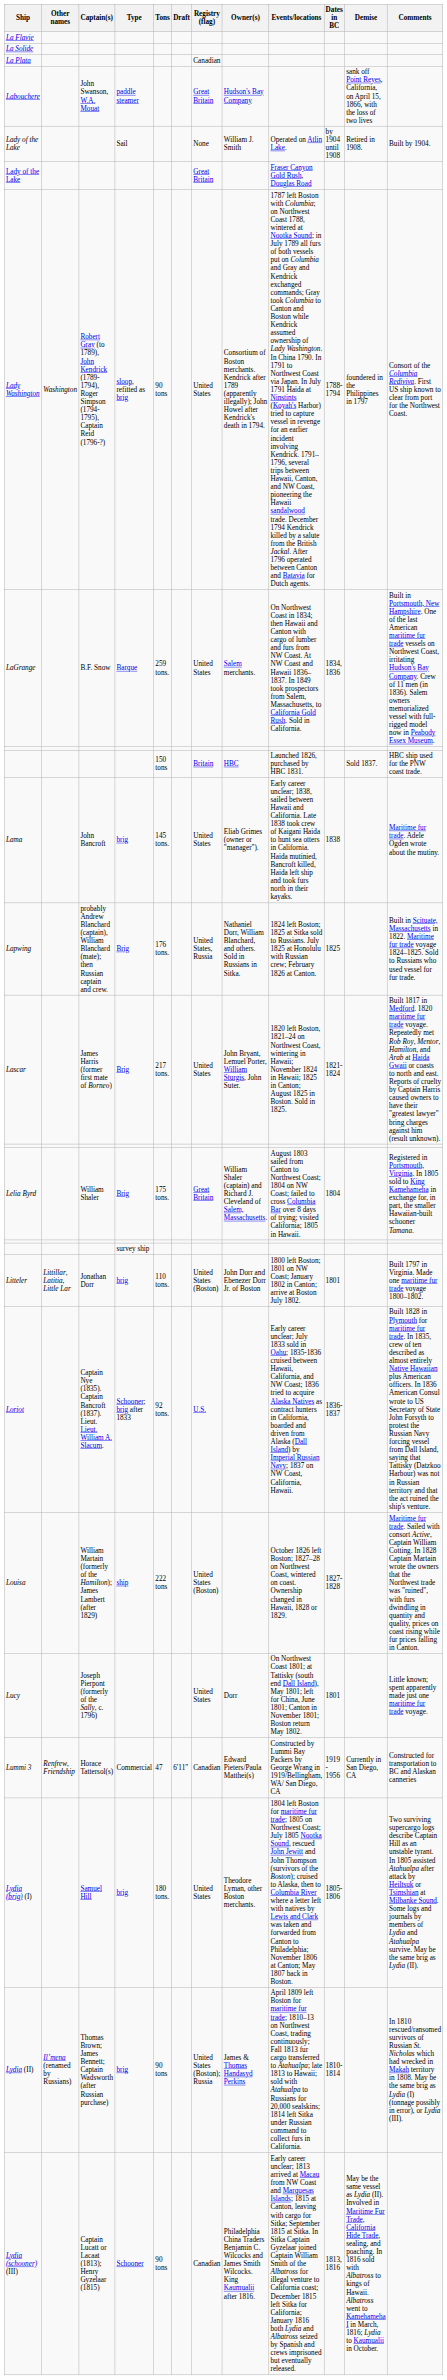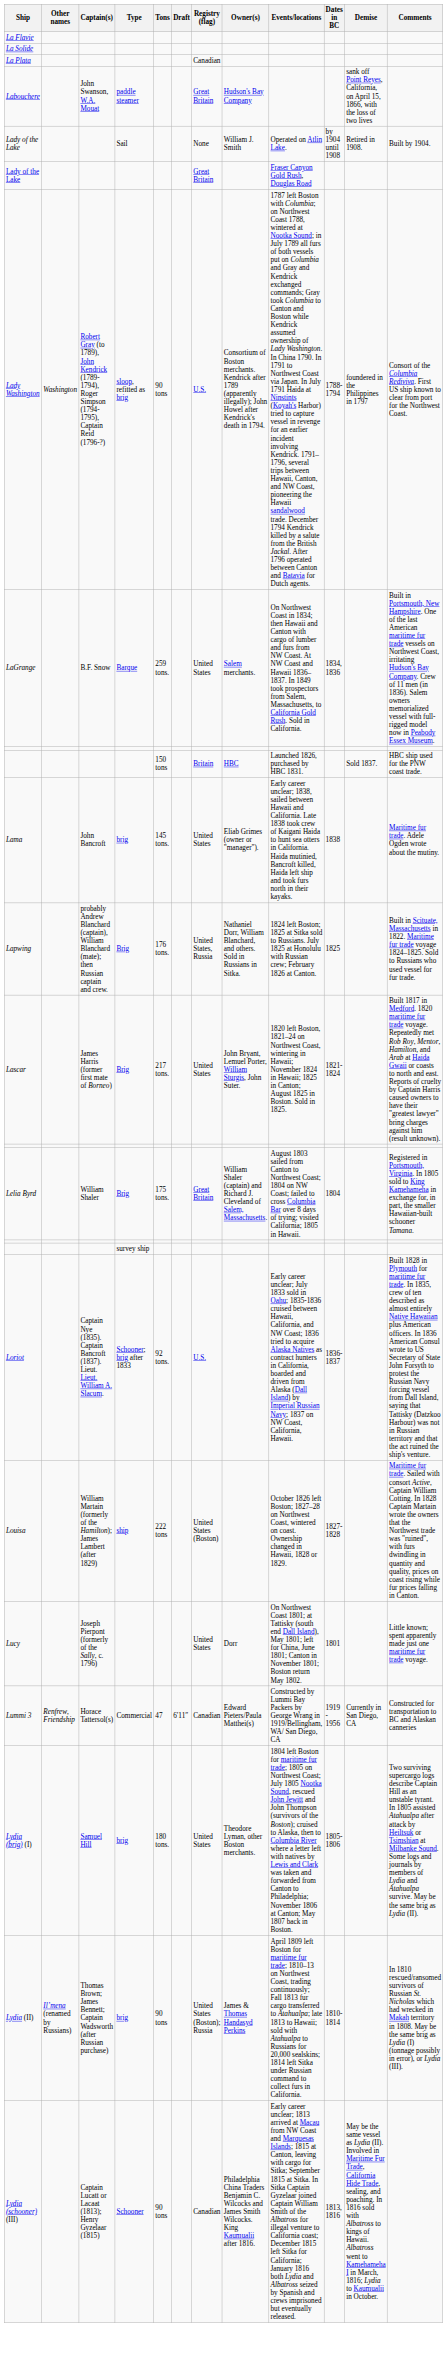 <table class="wikitable sortable" style="width:100%">
 <tr>
 <th>Ship</th>
 <th>Other names</th>
 <th>Captain(s)</th>
 <th>Type</th>
 <th>Tons </th>
 <th>Draft </th>
 <th>Registry (flag)</th>
 <th>Owner(s) </th>
 <th>Events/locations</th>
 <th>Dates in BC</th>
 <th>Demise </th>
 <th>Comments</th>
 </tr>
 <tr>
 <td><em><a href='#'>La Flavie</a></em></td>
 <td></td>
 <td></td>
 <td></td>
 <td></td>
 <td></td>
 <td></td>
 <td></td>
 <td></td>
 <td></td>
 <td></td>
 <td></td>
 </tr>
 <tr>
 <td><em><a href='#'>La Solide</a></em></td>
 <td></td>
 <td></td>
 <td></td>
 <td></td>
 <td></td>
 <td></td>
 <td></td>
 <td></td>
 <td></td>
 <td></td>
 <td></td>
 </tr>
 <tr>
 <td><em><a href='#'>La Plata</a></em></td>
 <td></td>
 <td></td>
 <td></td>
 <td></td>
 <td></td>
 <td>Canadian</td>
 <td></td>
 <td></td>
 <td></td>
 <td></td>
 <td></td>
 </tr>
 <tr>
 <td><em><a href='#'>Labouchere</a></em></td>
 <td></td>
 <td>John Swanson, <a href='#'>W.A. Mouat</a></td>
 <td><a href='#'>paddle steamer</a></td>
 <td></td>
 <td></td>
 <td><a href='#'>Great Britain</a></td>
 <td><a href='#'>Hudson's Bay Company</a></td>
 <td></td>
 <td></td>
 <td>sank off <a href='#'>Point Reyes</a>, California, on April 15, 1866, with the loss of two lives</td>
 <td></td>
 </tr>
 <tr>
 <td><em>Lady of the Lake</em></td>
 <td></td>
 <td></td>
 <td>Sail</td>
 <td></td>
 <td></td>
 <td>None</td>
 <td>William J. Smith</td>
 <td>Operated on <a href='#'>Atlin Lake</a>.</td>
 <td>by 1904 until 1908</td>
 <td>Retired in 1908.</td>
 <td>Built by 1904.</td>
 </tr>
 <tr>
 <td><a href='#'>Lady of the Lake</a></td>
 <td></td>
 <td></td>
 <td></td>
 <td></td>
 <td></td>
 <td><a href='#'>Great Britain</a></td>
 <td></td>
 <td><a href='#'>Fraser Canyon Gold Rush</a>, <a href='#'>Douglas Road</a></td>
 <td></td>
 <td></td>
 <td></td>
 </tr>
 <tr>
 <td><em><a href='#'>Lady Washington</a></em></td>
 <td><em>Washington</em></td>
 <td><a href='#'>Robert Gray</a> (to 1789), <a href='#'>John Kendrick</a> (1789-1794), Roger Simpson (1794-1795), Captain Reid (1796-?)</td>
 <td><a href='#'>sloop</a>, refitted as <a href='#'>brig</a></td>
 <td>90 tons</td>
 <td></td>
-<td>United States</td>
+<td><a href='#'>U.S.</a></td>
 <td>Consortium of Boston merchants. Kendrick after 1789 (apparently illegally); John Howel after Kendrick's death in 1794.</td>
 <td>1787 left Boston with <em>Columbia</em>; on Northwest Coast 1788, wintered at <a href='#'>Nootka Sound</a>; in July 1789 all furs of both vessels put on <em>Columbia</em> and Gray and Kendrick exchanged commands; Gray took <em>Columbia</em> to Canton and Boston while Kendrick assumed ownership of <em>Lady Washington</em>. In China 1790. In 1791 to Northwest Coast via Japan. In July 1791 Haida at <a href='#'>Ninstints</a> (<a href='#'>Koyah's</a> Harbor) tried to capture vessel in revenge for an earlier incident involving Kendrick. 1791–1796, several trips between Hawaii, Canton, and NW Coast, pioneering the Hawaii <a href='#'>sandalwood</a> trade. December 1794 Kendrick killed by a salute from the British <em>Jackal</em>. After 1796 operated between Canton and <a href='#'>Batavia</a> for Dutch agents.</td>
 <td>1788-1794</td>
 <td>foundered in the Philippines in 1797</td>
 <td>Consort of the <em><a href='#'>Columbia Rediviva</a></em>. First US ship known to clear from port for the Northwest Coast.</td>
 </tr>
 <tr>
 <td><em>LaGrange</em></td>
 <td></td>
 <td>B.F. Snow</td>
 <td><a href='#'>Barque</a></td>
 <td>259 tons.</td>
 <td></td>
 <td>United States</td>
 <td><a href='#'>Salem</a> merchants.</td>
 <td>On Northwest Coast in 1834; then Hawaii and Canton with cargo of lumber and furs from NW Coast. At NW Coast and Hawaii 1836–1837. In 1849 took prospectors from Salem, Massachusetts, to <a href='#'>California Gold Rush</a>. Sold in California.</td>
 <td>1834, 1836</td>
 <td></td>
 <td>Built in <a href='#'>Portsmouth, New Hampshire</a>. One of the last American <a href='#'>maritime fur trade</a> vessels on Northwest Coast, irritating <a href='#'>Hudson's Bay Company</a>. Crew of 11 men (in 1836). Salem owners memorialized vessel with full-rigged model now in <a href='#'>Peabody Essex Museum</a>.</td>
 </tr>
 <tr>
 <td></td>
 <td></td>
 <td></td>
 <td></td>
 <td></td>
 <td></td>
 <td></td>
 <td></td>
 <td></td>
 <td></td>
 <td></td>
 <td></td>
 </tr>
 <tr>
 <td></td>
 <td></td>
 <td></td>
 <td></td>
 <td>150 tons</td>
 <td></td>
 <td><a href='#'>Britain</a></td>
 <td><a href='#'>HBC</a></td>
 <td>Launched 1826, purchased by HBC 1831.</td>
 <td></td>
 <td>Sold 1837.</td>
 <td>HBC ship used for the PNW coast trade.</td>
 </tr>
 <tr>
 <td><em>Lama</em></td>
 <td></td>
 <td>John Bancroft</td>
 <td><a href='#'>brig</a></td>
 <td>145 tons.</td>
 <td></td>
 <td>United States</td>
 <td>Eliab Grimes (owner or "manager").</td>
 <td>Early career unclear; 1838, sailed between Hawaii and California. Late 1838 took crew of Kaigani Haida to hunt sea otters in California. Haida mutinied, Bancroft killed, Haida left ship and took furs north in their kayaks.</td>
 <td>1838</td>
 <td></td>
 <td><a href='#'>Maritime fur trade</a>. Adele Ogden wrote about the mutiny.</td>
 </tr>
 <tr>
 <td><em>Lapwing</em></td>
 <td></td>
 <td>probably Andrew Blanchard (captain), William Blanchard (mate); then Russian captain and crew.</td>
 <td><a href='#'>Brig</a></td>
 <td>176 tons.</td>
 <td></td>
 <td>United States, Russia</td>
 <td>Nathaniel Dorr, William Blanchard, and others. Sold in Russians in Sitka.</td>
 <td>1824 left Boston; 1825 at Sitka sold to Russians. July 1825 at Honolulu with Russian crew; February 1826 at Canton.</td>
 <td>1825</td>
 <td></td>
 <td>Built in <a href='#'>Scituate, Massachusetts</a> in 1822. <a href='#'>Maritime fur trade</a> voyage 1824–1825. Sold to Russians who used vessel for fur trade.</td>
 </tr>
 <tr>
 <td><em>Lascar</em></td>
 <td></td>
 <td>James Harris (former first mate of <em>Borneo</em>)</td>
 <td><a href='#'>Brig</a></td>
 <td>217 tons.</td>
 <td></td>
 <td>United States</td>
 <td>John Bryant, Lemuel Porter, <a href='#'>William Sturgis</a>, John Suter.</td>
 <td>1820 left Boston, 1821–24 on Northwest Coast, wintering in Hawaii; November 1824 in Hawaii; 1825 in Canton; August 1825 in Boston. Sold in 1825.</td>
 <td>1821-1824</td>
 <td></td>
 <td>Built 1817 in <a href='#'>Medford</a>. 1820 <a href='#'>maritime fur trade</a> voyage. Repeatedly met <em>Rob Roy</em>, <em>Mentor</em>, <em>Hamilton</em>, and <em>Arab</em> at <a href='#'>Haida Gwaii</a> or coasts to north and east. Reports of cruelty by Captain Harris caused owners to have their "greatest lawyer" bring charges against him (result unknown).</td>
 </tr>
 <tr>
 <td></td>
 <td></td>
 <td></td>
 <td></td>
 <td></td>
 <td></td>
 <td></td>
 <td></td>
 <td></td>
 <td></td>
 <td></td>
 <td></td>
 </tr>
 <tr>
 <td><em>Lelia Byrd</em></td>
 <td></td>
 <td>William Shaler</td>
 <td><a href='#'>Brig</a></td>
 <td>175 tons.</td>
 <td></td>
 <td><a href='#'>Great Britain</a></td>
 <td>William Shaler (captain) and Richard J. Cleveland of <a href='#'>Salem, Massachusetts</a>.</td>
 <td>August 1803 sailed from Canton to Northwest Coast; 1804 on NW Coast; failed to cross <a href='#'>Columbia Bar</a> over 8 days of trying; visited California; 1805 in Hawaii.</td>
 <td>1804</td>
 <td></td>
 <td>Registered in <a href='#'>Portsmouth, Virginia</a>. In 1805 sold to <a href='#'>King Kamehameha</a> in exchange for, in part, the smaller Hawaiian-built schooner <em>Tamana</em>. </td>
 </tr>
 <tr>
 <td></td>
 <td></td>
 <td></td>
 <td></td>
 <td></td>
 <td></td>
 <td></td>
 <td></td>
 <td></td>
 <td></td>
 <td></td>
 <td></td>
 </tr>
 <tr>
 <td></td>
 <td></td>
 <td></td>
 <td>survey ship</td>
 <td></td>
 <td></td>
 <td></td>
 <td></td>
 <td></td>
 <td></td>
 <td></td>
 <td></td>
 </tr>
 <tr>
-<td><em>Litteler</em></td>
-<td><em>Littillar</em>, <em>Latitia</em>, <em>Little Lar</em></td>
-<td>Jonathan Dorr</td>
-<td><a href='#'>brig</a></td>
-<td>110 tons.</td>
-<td></td>
-<td>United States (Boston)</td>
-<td>John Dorr and Ebenezer Dorr Jr. of Boston</td>
-<td>1800 left Boston; 1801 on NW Coast; January 1802 in Canton; arrive at Boston July 1802.</td>
-<td>1801</td>
-<td></td>
-<td>Built 1797 in Virginia. Made one <a href='#'>maritime fur trade</a> voyage 1800–1802. </td>
-</tr>
-<tr>
 <td><em><a href='#'>Loriot</a></em></td>
 <td></td>
 <td>Captain Nye (1835). Captain Bancroft (1837). Lieut. <a href='#'>Lieut. William A. Slacum</a>.</td>
 <td><a href='#'>Schooner</a>; <a href='#'>brig</a> after 1833</td>
 <td>92 tons.</td>
 <td></td>
 <td><a href='#'>U.S.</a></td>
 <td></td>
 <td>Early career unclear; July 1833 sold in <a href='#'>Oahu</a>; 1835-1836 cruised between Hawaii, California, and NW Coast; 1836 tried to acquire <a href='#'>Alaska Natives</a> as contract hunters in California, boarded and driven from Alaska (<a href='#'>Dall Island</a>) by <a href='#'>Imperial Russian Navy</a>; 1837 on NW Coast, California, Hawaii.</td>
 <td>1836-1837</td>
 <td></td>
 <td>Built 1828 in <a href='#'>Plymouth</a> for <a href='#'>maritime fur trade</a>. In 1835, crew of ten described as almost entirely <a href='#'>Native Hawaiian</a> plus American officers. In 1836 American Consul wrote to US Secretary of State John Forsyth to protest the Russian Navy forcing vessel from Dall Island, saying that Tattisky (Datzkoo Harbour) was not in Russian territory and that the act ruined the ship's venture.</td>
 </tr>
 <tr>
 <td><em>Louisa</em></td>
 <td></td>
 <td>William Martain (formerly of the <em>Hamilton</em>); James Lambert (after 1829)</td>
 <td><a href='#'>ship</a></td>
 <td>222 tons</td>
 <td></td>
 <td>United States (Boston)</td>
 <td></td>
 <td>October 1826 left Boston; 1827–28 on Northwest Coast, wintered on coast. Ownership changed in Hawaii, 1828 or 1829.</td>
 <td>1827-1828</td>
 <td></td>
 <td><a href='#'>Maritime fur trade</a>. Sailed with consort <em>Active</em>, Captain William Cotting. In 1828 Captain Martain wrote the owners that the Northwest trade was "ruined", with furs dwindling in quantity and quality, prices on coast rising while fur prices falling in Canton.</td>
 </tr>
 <tr>
 <td><em>Lucy</em></td>
 <td></td>
 <td>Joseph Pierpont (formerly of the <em>Sally</em>, c. 1796)</td>
 <td></td>
 <td></td>
 <td></td>
 <td>United States</td>
 <td>Dorr</td>
 <td>On Northwest Coast 1801; at Tattisky (south end <a href='#'>Dall Island</a>), May 1801; left for China, June 1801; Canton in November 1801; Boston return May 1802.</td>
 <td>1801</td>
 <td></td>
 <td>Little known; spent apparently made just one <a href='#'>maritime fur trade</a> voyage.</td>
 </tr>
 <tr>
 <td><em> Lummi 3</em></td>
 <td><em>Renfrew</em>, <em>Friendship</em></td>
 <td>Horace Tattersol(s)</td>
 <td>Commercial</td>
 <td>47</td>
 <td>6′11″</td>
 <td>Canadian</td>
 <td>Edward Pieters/Paula Matthei(s)</td>
 <td>Constructed by Lummi Bay Packers by George Wrang in 1919/Bellingham, WA/ San Diego, CA</td>
 <td>1919 - 1956</td>
 <td>Currently in San Diego, CA</td>
 <td> Constructed for transportation to BC and Alaskan canneries</td>
 </tr>
 <tr>
 <td><em><a href='#'>Lydia (brig)</a></em> (I)</td>
 <td></td>
 <td><a href='#'>Samuel Hill</a></td>
 <td><a href='#'>brig</a></td>
 <td>180 tons.</td>
 <td></td>
 <td>United States</td>
 <td>Theodore Lyman, other Boston merchants.</td>
 <td>1804 left Boston for <a href='#'>maritime fur trade</a>; 1805 on Northwest Coast; July 1805 <a href='#'>Nootka Sound</a>, rescued <a href='#'>John Jewitt</a> and John Thompson (survivors of the <em>Boston</em>); cruised to Alaska, then to <a href='#'>Columbia River</a> where a letter left with natives by <a href='#'>Lewis and Clark</a> was taken and forwarded from Canton to Philadelphia; November 1806 at Canton; May 1807 back in Boston.</td>
 <td>1805-1806</td>
 <td></td>
 <td>Two surviving supercargo logs describe Captain Hill as an unstable tyrant. In 1805 assisted <em>Atahualpa</em> after attack by <a href='#'>Heiltsuk</a> or <a href='#'>Tsimshian</a> at <a href='#'>Milbanke Sound</a>. Some logs and journals by members of <em>Lydia</em> and <em>Atahualpa</em> survive. May be the same brig as <em>Lydia</em> (II).</td>
 </tr>
 <tr>
 <td><em><a href='#'>Lydia</a></em> (II)</td>
 <td><em><a href='#'>Il’mena</a></em> (renamed by Russians)</td>
 <td>Thomas Brown; James Bennett; Captain Wadsworth (after Russian purchase)</td>
 <td><a href='#'>brig</a></td>
 <td>90 tons</td>
 <td></td>
 <td>United States (Boston); Russia</td>
 <td>James & <a href='#'>Thomas Handasyd Perkins</a></td>
 <td>April 1809 left Boston for <a href='#'>maritime fur trade</a>; 1810–13 on Northwest Coast, trading continuously; Fall 1813 fur cargo transferred to <em>Atahualpa</em>; late 1813 to Hawaii; sold with <em>Atahualpa</em> to Russians for 20,000 sealskins; 1814 left Sitka under Russian command to collect furs in California.</td>
 <td>1810-1814</td>
 <td></td>
 <td>In 1810 rescued/ransomed survivors of Russian <em>St. Nicholas</em> which had wrecked in <a href='#'>Makah</a> territory in 1808. May be the same brig as <em>Lydia</em> (I) (tonnage possibly in error), or <em>Lydia</em> (III).</td>
 </tr>
 <tr>
 <td><em><a href='#'>Lydia (schooner)</a></em> (III)</td>
 <td></td>
 <td>Captain Lucatt or Lacaat (1813); Henry Gyzelaar (1815)</td>
 <td><a href='#'>Schooner</a></td>
 <td>90 tons</td>
 <td></td>
 <td>Canadian</td>
 <td>Philadelphia China Traders Benjamin C. Wilcocks and James Smith Wilcocks. King <a href='#'>Kaumualii</a> after 1816.</td>
 <td>Early career unclear; 1813 arrived at <a href='#'>Macau</a> from NW Coast and <a href='#'>Marquesas Islands</a>; 1815 at Canton, leaving with cargo for Sitka; September 1815 at Sitka. In Sitka Captain Gyzelaar joined Captain William Smith of the <em>Albatross</em> for illegal venture to California coast; December 1815 left Sitka for California; January 1816 both <em>Lydia</em> and <em>Albatross</em> seized by Spanish and crews imprisoned but eventually released.</td>
 <td>1813, 1816</td>
 <td>May be the same vessel as <em>Lydia</em> (II). Involved in <a href='#'>Maritime Fur Trade</a>, <a href='#'>California Hide Trade</a>, sealing, and poaching. In 1816 sold with <em>Albatross</em> to kings of Hawaii. <em>Albatross</em> went to <a href='#'>Kamehameha I</a> in March, 1816; <em>Lydia</em> to <a href='#'>Kaumualii</a> in October.</td>
 <td></td>
 </tr>
 </table>
